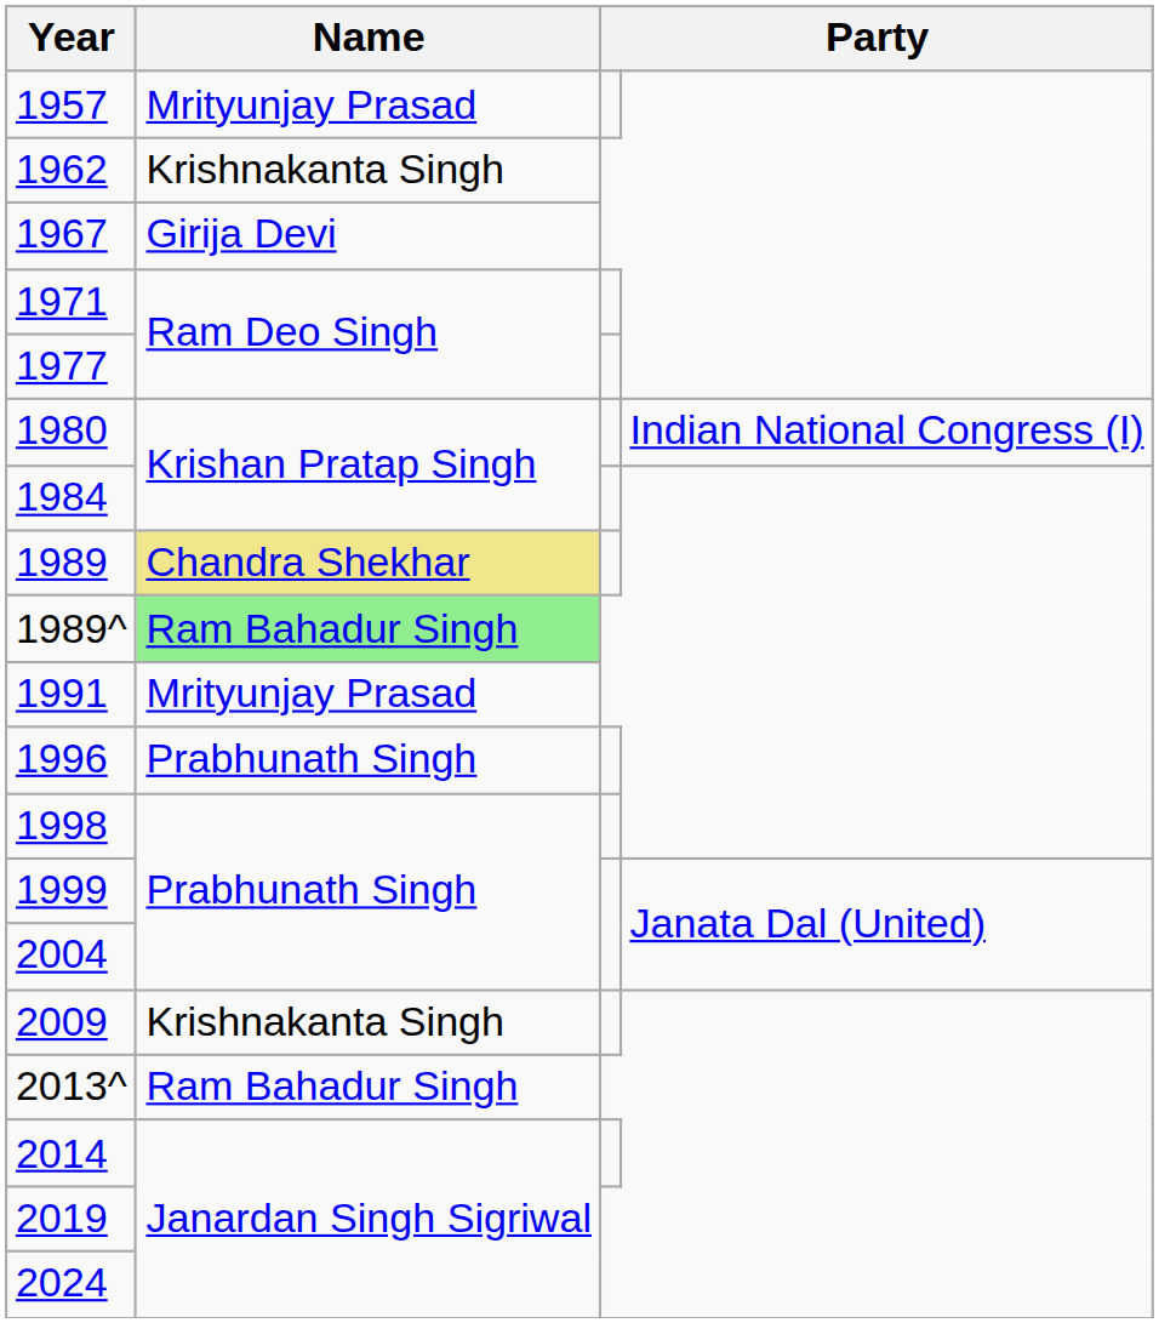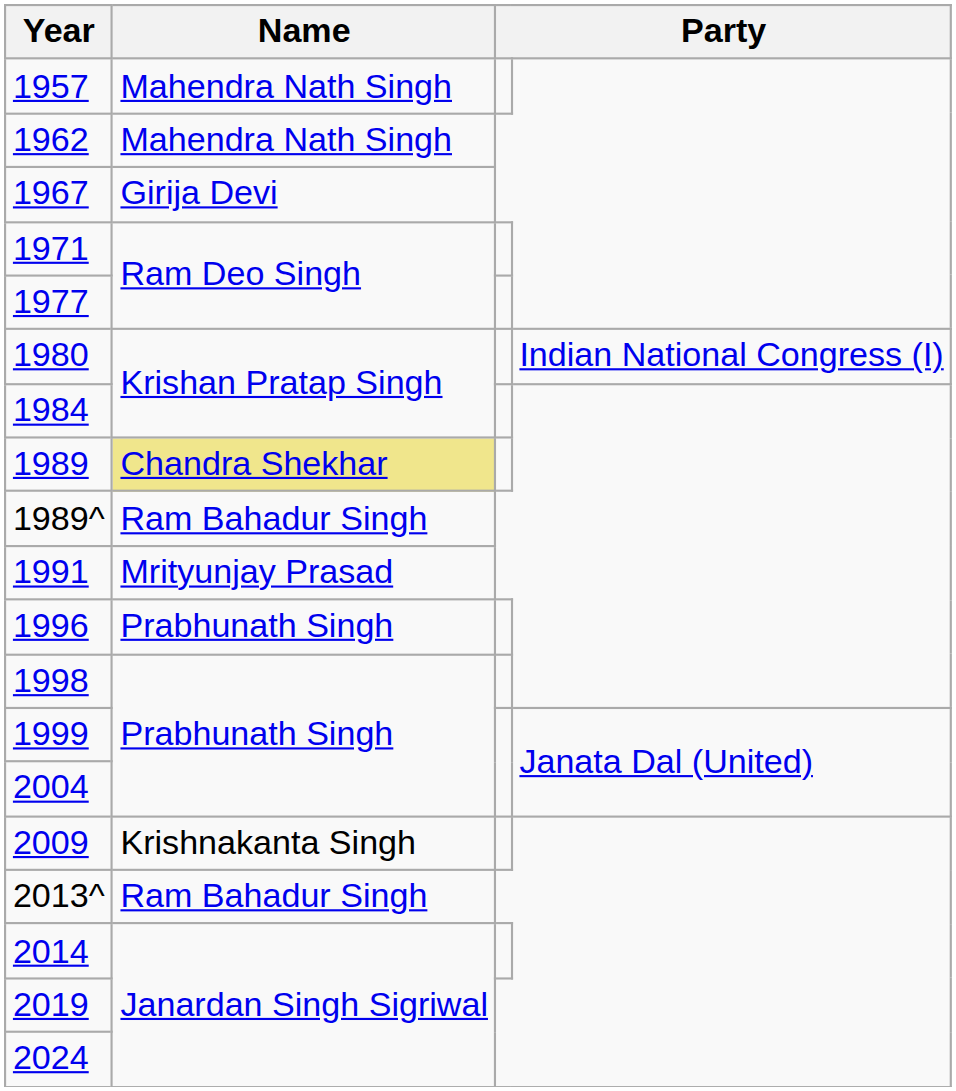 <table class="wikitable">
 <tr>
 <th>Year</th>
 <th>Name</th>
 <th colspan="2">Party</th>
 </tr>
 <tr>
 <td><a href='#'>1957</a></td>
-<td><a href='#'>Mrityunjay Prasad</a></td>
+<td><a href='#'>Mahendra Nath Singh</a></td>
 <td></td>
 </tr>
 <tr>
 <td><a href='#'>1962</a></td>
-<td>Krishnakanta Singh</td>
+<td><a href='#'>Mahendra Nath Singh</a></td>
 </tr>
 <tr>
 <td><a href='#'>1967</a></td>
 <td><a href='#'>Girija Devi</a></td>
 </tr>
 <tr>
 <td><a href='#'>1971</a></td>
 <td rowspan="2"><a href='#'>Ram Deo Singh</a></td>
 <td></td>
 </tr>
 <tr>
 <td><a href='#'>1977</a></td>
 <td></td>
 </tr>
 <tr>
 <td><a href='#'>1980</a></td>
 <td rowspan="2"><a href='#'>Krishan Pratap Singh</a></td>
 <td style="background-color: "></td>
 <td><a href='#'>Indian National Congress (I)</a></td>
 </tr>
 <tr>
 <td><a href='#'>1984</a></td>
 <td></td>
 </tr>
 <tr>
 <td><a href='#'>1989</a></td>
 <td style="background: khaki;"><a href='#'>Chandra Shekhar</a></td>
 <td></td>
 </tr>
 <tr>
 <td>1989^</td>
-<td style="background: lightgreen;"><a href='#'>Ram Bahadur Singh</a></td>
+<td><a href='#'>Ram Bahadur Singh</a></td>
 </tr>
 <tr>
 <td><a href='#'>1991</a></td>
 <td><a href='#'>Mrityunjay Prasad</a></td>
 </tr>
 <tr>
 <td><a href='#'>1996</a></td>
 <td><a href='#'>Prabhunath Singh</a></td>
 <td></td>
 </tr>
 <tr>
 <td><a href='#'>1998</a></td>
 <td rowspan="3"><a href='#'>Prabhunath Singh</a></td>
 <td></td>
 </tr>
 <tr>
 <td><a href='#'>1999</a></td>
 <td rowspan=2 style="background-color: "></td>
 <td rowspan=2><a href='#'>Janata Dal (United)</a></td>
 </tr>
 <tr>
 <td><a href='#'>2004</a></td>
 </tr>
 <tr>
 <td><a href='#'>2009</a></td>
 <td>Krishnakanta Singh</td>
 <td></td>
 </tr>
 <tr>
 <td>2013^</td>
 <td><a href='#'>Ram Bahadur Singh</a></td>
 </tr>
 <tr>
 <td><a href='#'>2014</a></td>
 <td rowspan="3"><a href='#'>Janardan Singh Sigriwal</a></td>
 <td></td>
 </tr>
 <tr>
 <td><a href='#'>2019</a></td>
 </tr>
 <tr>
 <td><a href='#'>2024</a></td>
 </tr>
 </table>
